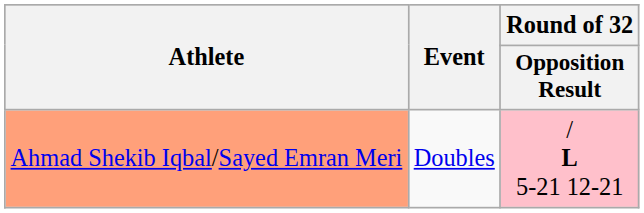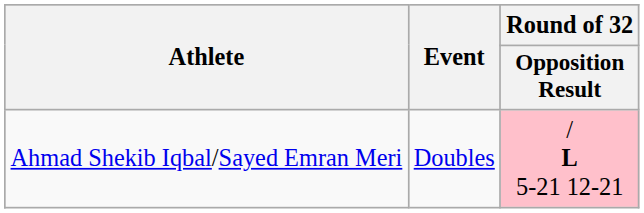 <table class=wikitable style="font-size:90%">
 <tr>
 <th rowspan=2>Athlete</th>
 <th rowspan=2>Event</th>
 <th>Round of 32</th>
 </tr>
 <tr style="font-size:95%">
 <th>Opposition<br>Result</th>
 </tr>
 <tr align=center>
-<td style="background: lightsalmon;"><a href='#'>Ahmad Shekib Iqbal</a>/<a href='#'>Sayed Emran Meri</a></td>
+<td><a href='#'>Ahmad Shekib Iqbal</a>/<a href='#'>Sayed Emran Meri</a></td>
 <td rowspan=2><a href='#'>Doubles</a></td>
 <td style="background:pink;">/<br><strong>L</strong><br>5-21 12-21</td>
 </tr>
 </table>
